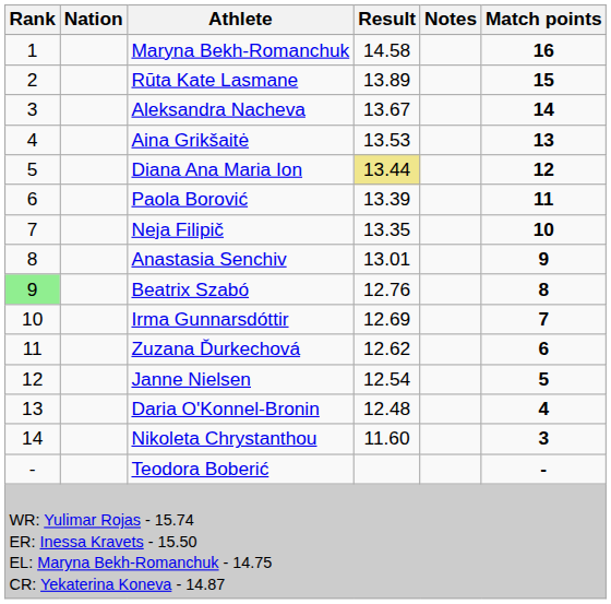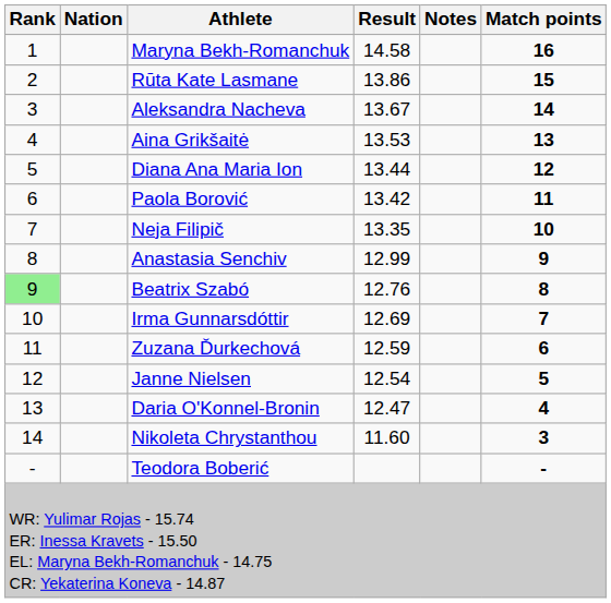 <table class="wikitable sortable" style="text-align:left;">
 <tr>
 <th>Rank</th>
 <th>Nation</th>
 <th>Athlete</th>
 <th>Result</th>
 <th>Notes</th>
 <th>Match points</th>
 </tr>
 <tr>
 <td align=center>1</td>
 <td></td>
 <td><a href='#'>Maryna Bekh-Romanchuk</a></td>
 <td align=center>14.58</td>
 <td></td>
 <td align=center><strong>16</strong></td>
 </tr>
 <tr>
 <td align=center>2</td>
 <td></td>
 <td><a href='#'>Rūta Kate Lasmane</a></td>
-<td align=center>13.89</td>
+<td align=center>13.86</td>
 <td></td>
 <td align=center><strong>15</strong></td>
 </tr>
 <tr>
 <td align=center>3</td>
 <td></td>
 <td><a href='#'>Aleksandra Nacheva</a></td>
 <td align=center>13.67</td>
 <td align=center></td>
 <td align=center><strong>14</strong></td>
 </tr>
 <tr>
 <td align=center>4</td>
 <td></td>
 <td><a href='#'>Aina Grikšaitė</a></td>
 <td align=center>13.53</td>
 <td></td>
 <td align=center><strong>13</strong></td>
 </tr>
 <tr>
 <td align=center>5</td>
 <td></td>
 <td><a href='#'>Diana Ana Maria Ion</a></td>
-<td align=center style="background: khaki;">13.44</td>
+<td align=center>13.44</td>
 <td></td>
 <td align=center><strong>12</strong></td>
 </tr>
 <tr>
 <td align=center>6</td>
 <td></td>
 <td><a href='#'>Paola Borović</a></td>
-<td align=center>13.39</td>
+<td align=center>13.42</td>
 <td align=center></td>
 <td align=center><strong>11</strong></td>
 </tr>
 <tr>
 <td align=center>7</td>
 <td></td>
 <td><a href='#'>Neja Filipič</a></td>
 <td align=center>13.35</td>
 <td></td>
 <td align=center><strong>10</strong></td>
 </tr>
 <tr>
 <td align=center>8</td>
 <td></td>
 <td><a href='#'>Anastasia Senchiv</a></td>
-<td align=center>13.01</td>
+<td align=center>12.99</td>
 <td align=center></td>
 <td align=center><strong>9</strong></td>
 </tr>
 <tr>
 <td align=center style="background: lightgreen;">9</td>
 <td></td>
 <td><a href='#'>Beatrix Szabó</a></td>
 <td align=center>12.76</td>
 <td></td>
 <td align=center><strong>8</strong></td>
 </tr>
 <tr>
 <td align=center>10</td>
 <td></td>
 <td><a href='#'>Irma Gunnarsdóttir</a></td>
 <td align=center>12.69</td>
 <td></td>
 <td align=center><strong>7</strong></td>
 </tr>
 <tr>
 <td align=center>11</td>
 <td></td>
 <td><a href='#'>Zuzana Ďurkechová</a></td>
-<td align=center>12.62</td>
+<td align=center>12.59</td>
 <td></td>
 <td align=center><strong>6</strong></td>
 </tr>
 <tr>
 <td align=center>12</td>
 <td></td>
 <td><a href='#'>Janne Nielsen</a></td>
 <td align=center>12.54</td>
 <td></td>
 <td align=center><strong>5</strong></td>
 </tr>
 <tr>
 <td align=center>13</td>
 <td></td>
 <td><a href='#'>Daria O'Konnel-Bronin</a></td>
-<td align=center>12.48</td>
+<td align=center>12.47</td>
 <td></td>
 <td align=center><strong>4</strong></td>
 </tr>
 <tr>
 <td align=center>14</td>
 <td></td>
 <td><a href='#'>Nikoleta Chrystanthou</a></td>
 <td align=center>11.60</td>
 <td></td>
 <td align=center><strong>3</strong></td>
 </tr>
 <tr>
 <td align=center>-</td>
 <td></td>
 <td><a href='#'>Teodora Boberić</a></td>
 <td align=center></td>
 <td></td>
 <td align=center><strong>-</strong></td>
 </tr>
 <tr>
 <td colspan="6" bgcolor="#cccccc"><br> <small>WR:  <a href='#'>Yulimar Rojas</a> - 15.74<br>ER:  <a href='#'>Inessa Kravets</a> - 15.50<br></small> <small>EL:   <a href='#'>Maryna Bekh-Romanchuk</a> - 14.75<br>CR:  <a href='#'>Yekaterina Koneva</a> - 14.87</small></td>
 </tr>
 </table>
